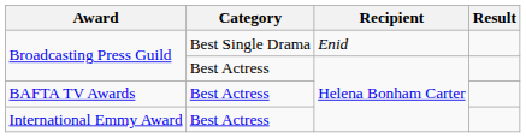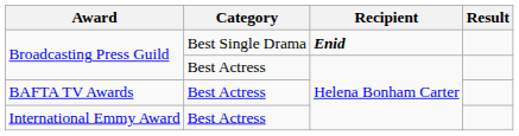 <table class="wikitable sortable">
 <tr>
 <th>Award</th>
 <th>Category</th>
 <th>Recipient</th>
 <th>Result</th>
 </tr>
 <tr>
 <td rowspan=2><a href='#'>Broadcasting Press Guild</a></td>
 <td>Best Single Drama</td>
-<td><em>Enid</em></td>
+<td><strong><em>Enid</em></strong></td>
 <td></td>
 </tr>
 <tr>
 <td>Best Actress</td>
 <td rowspan=3><a href='#'>Helena Bonham Carter</a></td>
 <td></td>
 </tr>
 <tr>
 <td><a href='#'>BAFTA TV Awards</a></td>
 <td><a href='#'>Best Actress</a></td>
 <td></td>
 </tr>
 <tr>
 <td><a href='#'>International Emmy Award</a></td>
 <td><a href='#'>Best Actress</a></td>
 <td></td>
 </tr>
 </table>
